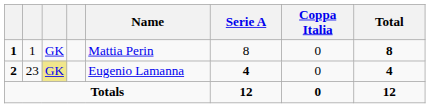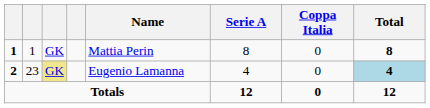 <table class="wikitable" style="text-align:center">
 <tr>
 <th width=15></th>
 <th width=15></th>
 <th width=15></th>
 <th width=15></th>
 <th width=145>Name</th>
 <th width=80><a href='#'>Serie A</a></th>
 <th width=80><a href='#'>Coppa Italia</a></th>
 <th width=80>Total</th>
 </tr>
 <tr>
 <td><strong>1</strong></td>
 <td>1</td>
 <td><a href='#'>GK</a></td>
 <td></td>
 <td align=left><a href='#'>Mattia Perin</a></td>
 <td>8</td>
 <td>0</td>
 <td><strong>8</strong></td>
 </tr>
 <tr>
 <td><strong>2</strong></td>
 <td>23</td>
 <td style="background: khaki;"><a href='#'>GK</a></td>
 <td></td>
 <td align=left><a href='#'>Eugenio Lamanna</a></td>
-<td><strong>4</strong></td>
+<td>4</td>
 <td>0</td>
-<td><strong>4</strong></td>
+<td style="background: lightblue;"><strong>4</strong></td>
 </tr>
 <tr>
 <td colspan=5><strong>Totals</strong></td>
 <td><strong>12</strong></td>
 <td><strong>0</strong></td>
 <td><strong>12</strong></td>
 </tr>
 </table>
